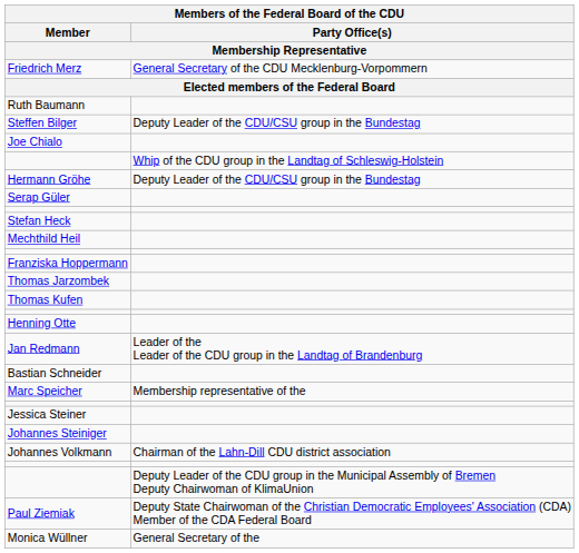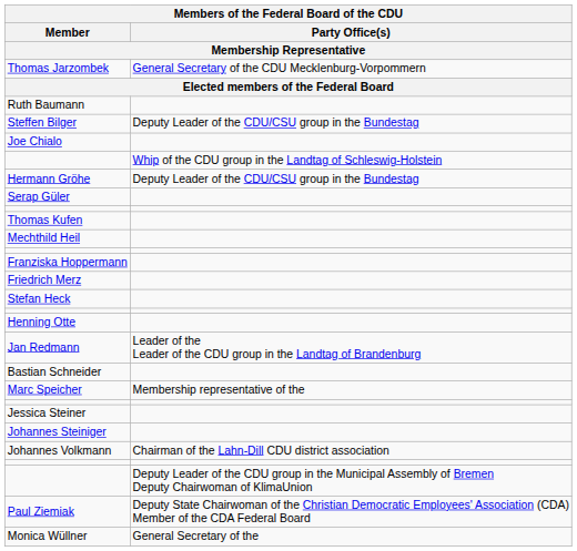 <table class="wikitable">
 <tr>
 <th colspan="2">Members of the Federal Board of the CDU</th>
 </tr>
 <tr>
 <th>Member</th>
 <th>Party Office(s)</th>
 </tr>
 <tr>
 <th colspan="2">Membership Representative</th>
 </tr>
 <tr>
-<td><a href='#'>Friedrich Merz</a></td>
+<td><a href='#'>Thomas Jarzombek</a></td>
 <td><a href='#'>General Secretary</a> of the CDU Mecklenburg-Vorpommern</td>
 </tr>
 <tr>
 <th colspan="2">Elected members of the Federal Board</th>
 </tr>
 <tr>
 <td>Ruth Baumann</td>
 <td></td>
 </tr>
 <tr>
 <td><a href='#'>Steffen Bilger</a></td>
 <td>Deputy Leader of the <a href='#'>CDU/CSU</a> group in the <a href='#'>Bundestag</a></td>
 </tr>
 <tr>
 <td><a href='#'>Joe Chialo</a></td>
 <td></td>
 </tr>
 <tr>
 <td></td>
 <td><a href='#'>Whip</a> of the CDU group in the <a href='#'>Landtag of Schleswig-Holstein</a></td>
 </tr>
 <tr>
 <td><a href='#'>Hermann Gröhe</a></td>
 <td>Deputy Leader of the <a href='#'>CDU/CSU</a> group in the <a href='#'>Bundestag</a></td>
 </tr>
 <tr>
 <td><a href='#'>Serap Güler</a></td>
 <td></td>
 </tr>
 <tr>
 <td></td>
 <td></td>
 </tr>
 <tr>
-<td><a href='#'>Stefan Heck</a></td>
+<td><a href='#'>Thomas Kufen</a></td>
 <td></td>
 </tr>
 <tr>
 <td><a href='#'>Mechthild Heil</a></td>
 <td></td>
 </tr>
 <tr>
 <td></td>
 <td></td>
 </tr>
 <tr>
 <td><a href='#'>Franziska Hoppermann</a></td>
 <td></td>
 </tr>
 <tr>
-<td><a href='#'>Thomas Jarzombek</a></td>
+<td><a href='#'>Friedrich Merz</a></td>
 <td></td>
 </tr>
 <tr>
-<td><a href='#'>Thomas Kufen</a></td>
+<td><a href='#'>Stefan Heck</a></td>
 <td></td>
 </tr>
 <tr>
 <td></td>
 <td></td>
 </tr>
 <tr>
 <td><a href='#'>Henning Otte</a></td>
 <td></td>
 </tr>
 <tr>
 <td><a href='#'>Jan Redmann</a></td>
 <td>Leader of the <br>Leader of the CDU group in the <a href='#'>Landtag of Brandenburg</a></td>
 </tr>
 <tr>
 <td>Bastian Schneider</td>
 <td></td>
 </tr>
 <tr>
 <td><a href='#'>Marc Speicher</a></td>
 <td>Membership representative of the </td>
 </tr>
 <tr>
 <td></td>
 <td></td>
 </tr>
 <tr>
 <td>Jessica Steiner</td>
 <td></td>
 </tr>
 <tr>
 <td><a href='#'>Johannes Steiniger</a></td>
 <td></td>
 </tr>
 <tr>
 <td>Johannes Volkmann</td>
 <td>Chairman of the <a href='#'>Lahn-Dill</a> CDU district association</td>
 </tr>
 <tr>
 <td></td>
 <td></td>
 </tr>
 <tr>
 <td></td>
 <td>Deputy Leader of the CDU group in the Municipal Assembly of <a href='#'>Bremen</a><br>Deputy Chairwoman of KlimaUnion</td>
 </tr>
 <tr>
 <td><a href='#'>Paul Ziemiak</a></td>
 <td>Deputy State Chairwoman of the <a href='#'>Christian Democratic Employees' Association</a> (CDA)<br>Member of the CDA Federal Board</td>
 </tr>
 <tr>
 <td>Monica Wüllner</td>
 <td>General Secretary of the </td>
 </tr>
 </table>
